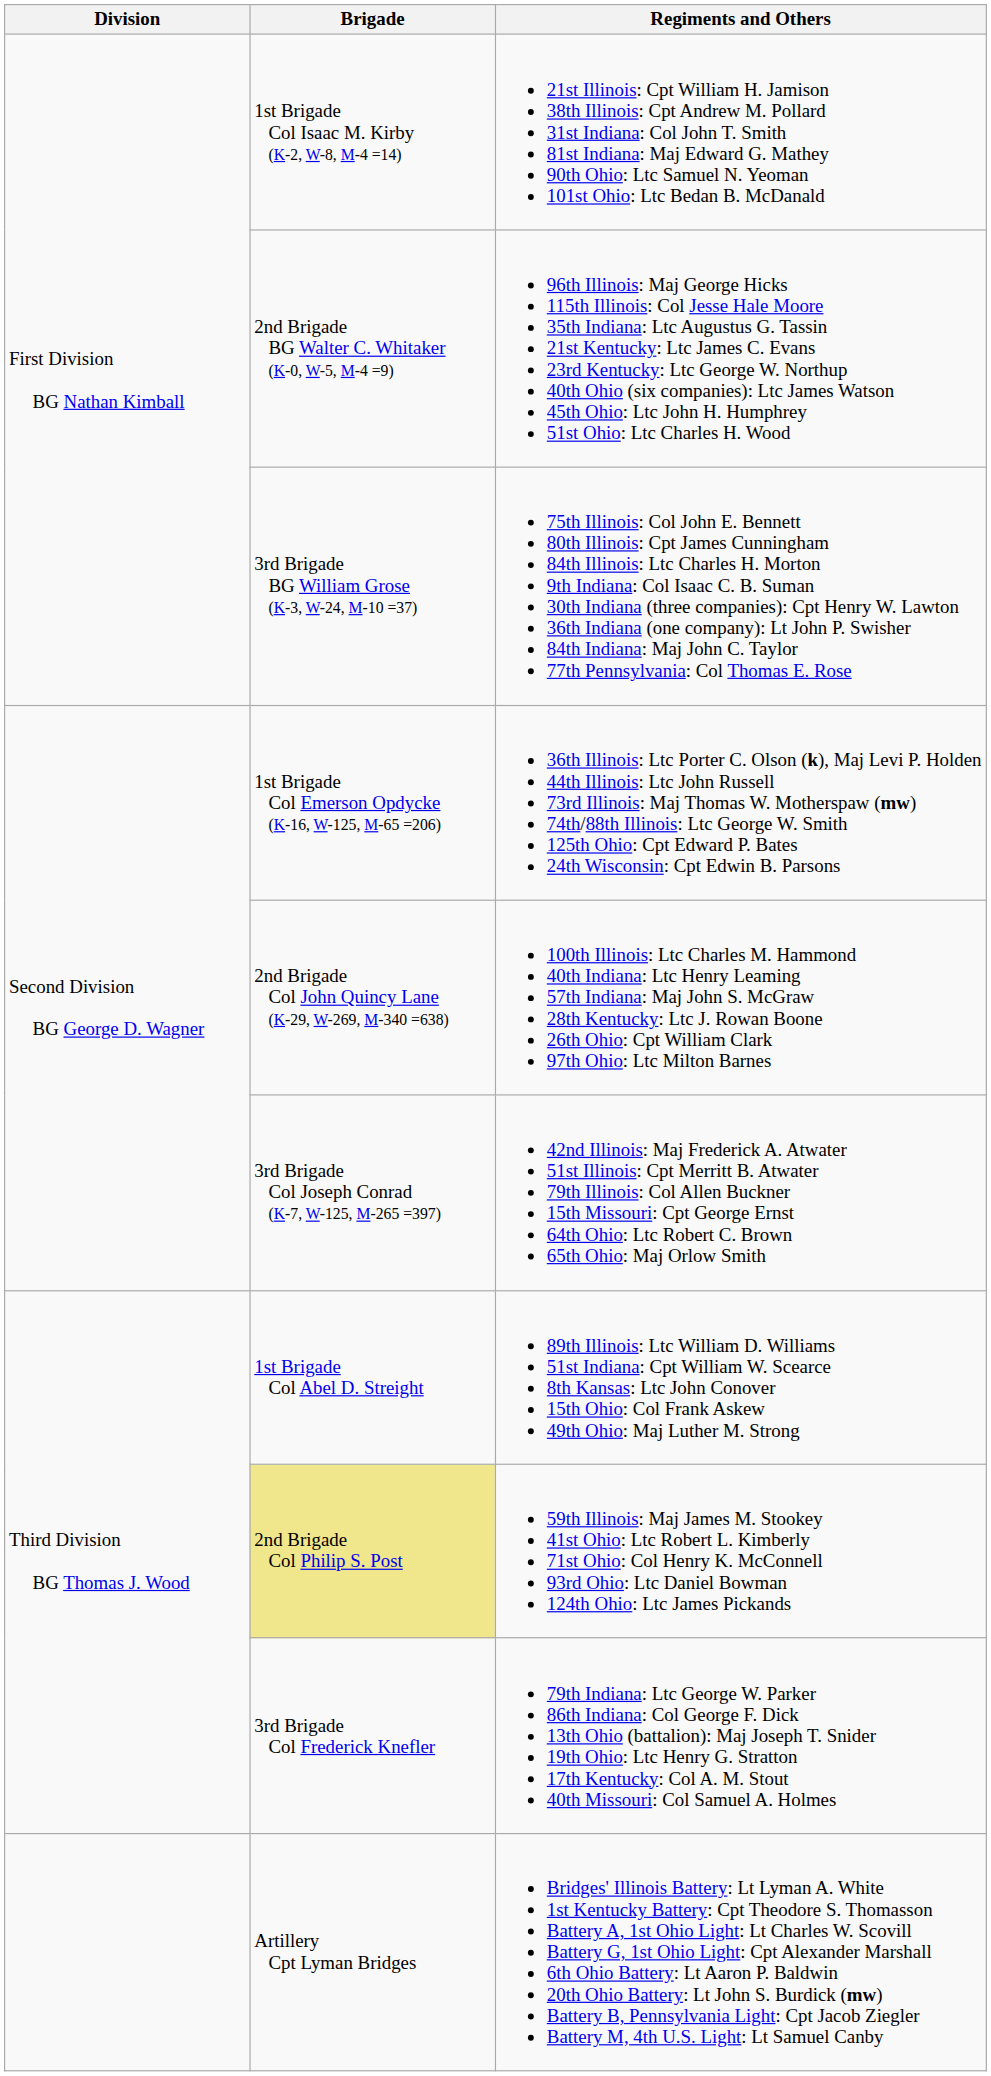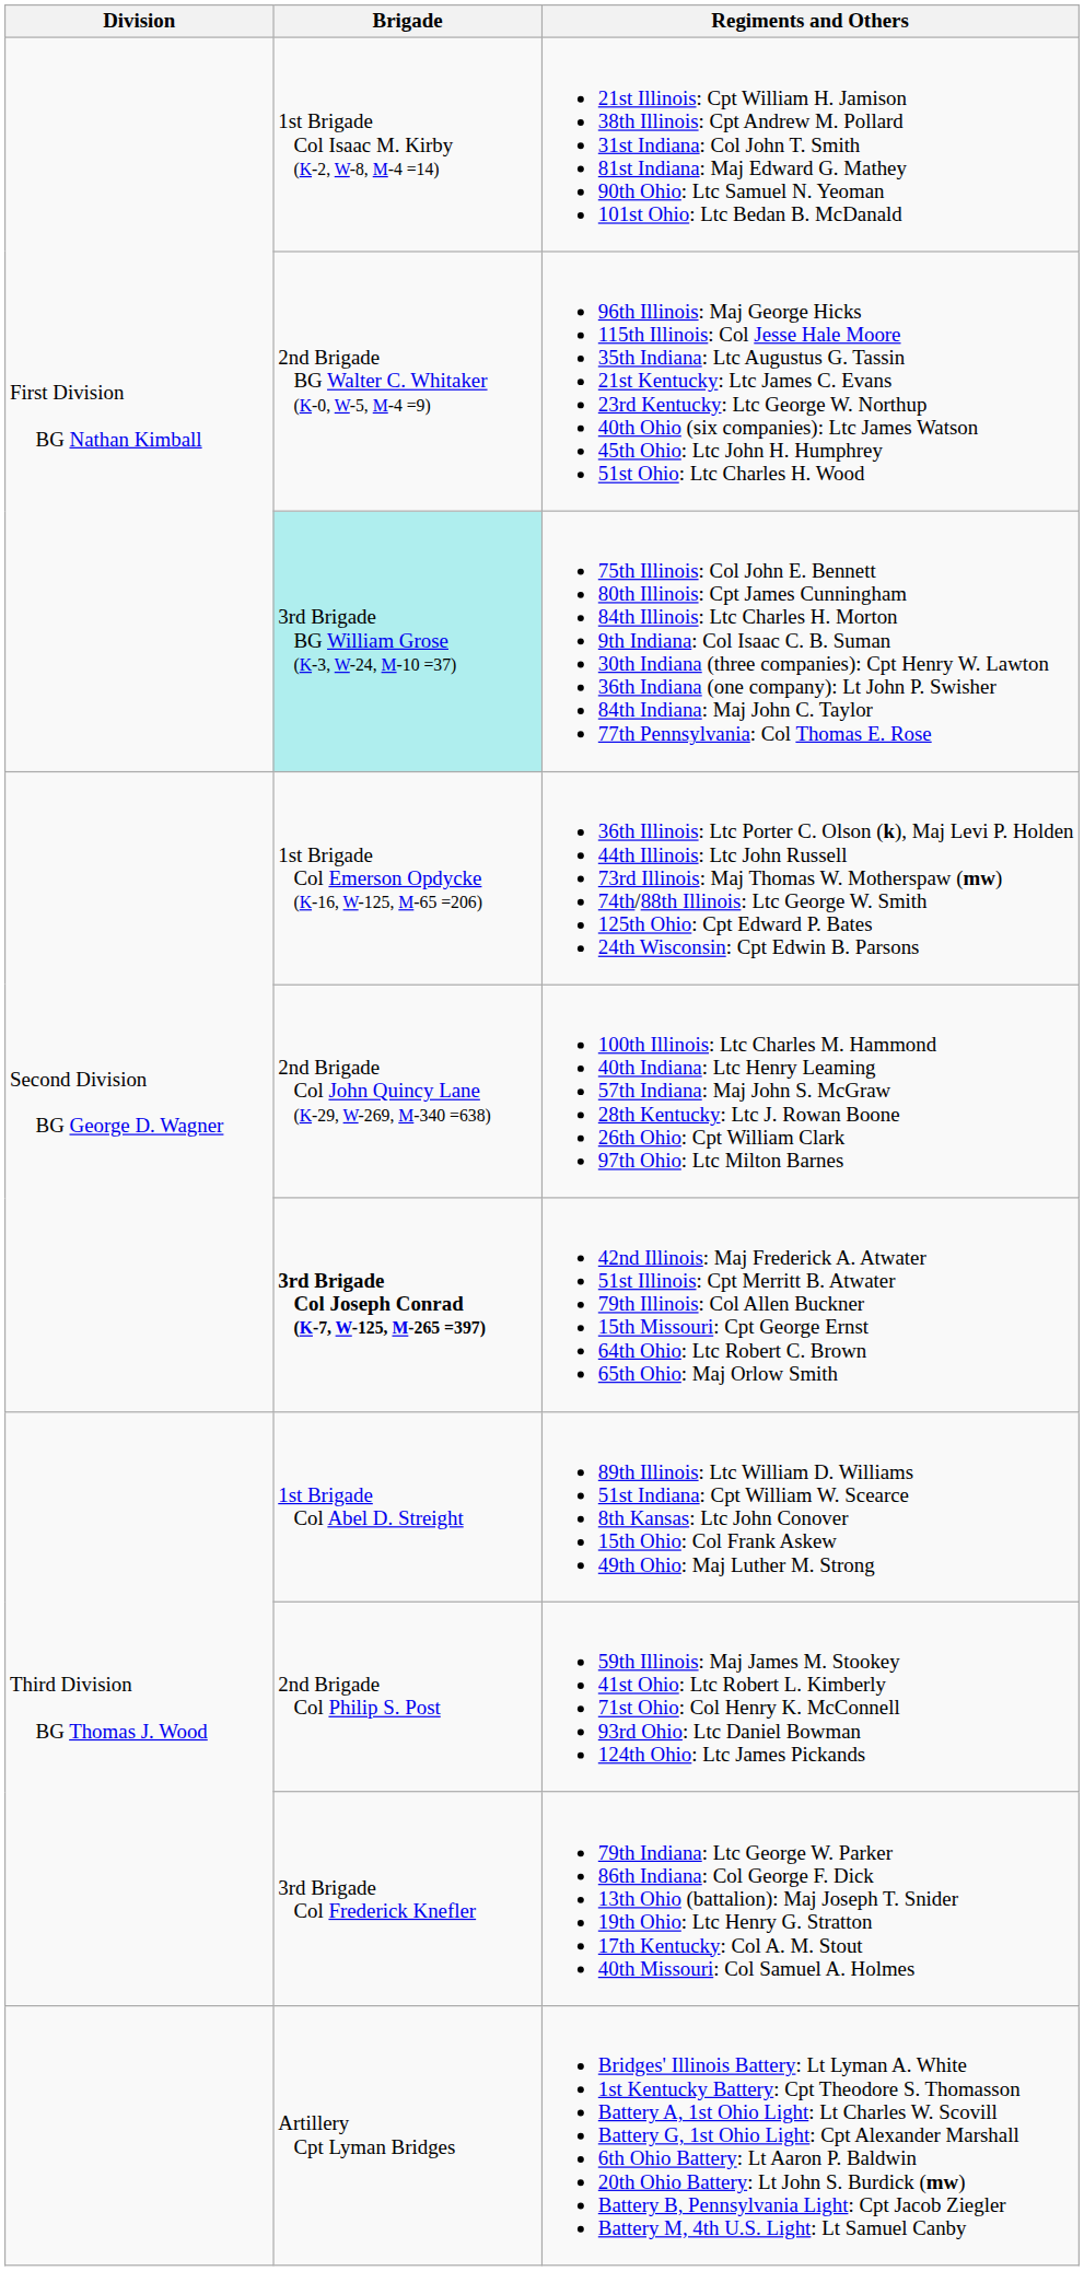 <table class="wikitable">
 <tr>
 <th width=25%>Division</th>
 <th width=25%>Brigade</th>
 <th>Regiments and Others</th>
 </tr>
 <tr>
 <td rowspan=3><br>First Division<br><br>     BG <a href='#'>Nathan Kimball</a></td>
 <td>1st Brigade<br>   Col Isaac M. Kirby<br>   <small>(<a href='#'>K</a>-2, <a href='#'>W</a>-8, <a href='#'>M</a>-4 =14)</small></td>
 <td><br><ul><li><a href='#'>21st Illinois</a>: Cpt William H. Jamison</li><li><a href='#'>38th Illinois</a>: Cpt Andrew M. Pollard</li><li><a href='#'>31st Indiana</a>: Col John T. Smith</li><li><a href='#'>81st Indiana</a>: Maj Edward G. Mathey</li><li><a href='#'>90th Ohio</a>: Ltc Samuel N. Yeoman</li><li><a href='#'>101st Ohio</a>: Ltc Bedan B. McDanald</li></ul></td>
 </tr>
 <tr>
 <td>2nd Brigade<br>   BG <a href='#'>Walter C. Whitaker</a><br>   <small>(<a href='#'>K</a>-0, <a href='#'>W</a>-5, <a href='#'>M</a>-4 =9)</small></td>
 <td><br><ul><li><a href='#'>96th Illinois</a>: Maj George Hicks</li><li><a href='#'>115th Illinois</a>: Col <a href='#'>Jesse Hale Moore</a></li><li><a href='#'>35th Indiana</a>: Ltc Augustus G. Tassin</li><li><a href='#'>21st Kentucky</a>: Ltc James C. Evans</li><li><a href='#'>23rd Kentucky</a>: Ltc George W. Northup</li><li><a href='#'>40th Ohio</a> (six companies): Ltc James Watson</li><li><a href='#'>45th Ohio</a>: Ltc John H. Humphrey</li><li><a href='#'>51st Ohio</a>: Ltc Charles H. Wood</li></ul></td>
 </tr>
 <tr>
-<td>3rd Brigade<br>   BG <a href='#'>William Grose</a><br>   <small>(<a href='#'>K</a>-3, <a href='#'>W</a>-24, <a href='#'>M</a>-10 =37)</small></td>
+<td style="background: paleturquoise;">3rd Brigade<br>   BG <a href='#'>William Grose</a><br>   <small>(<a href='#'>K</a>-3, <a href='#'>W</a>-24, <a href='#'>M</a>-10 =37)</small></td>
 <td><br><ul><li><a href='#'>75th Illinois</a>: Col John E. Bennett</li><li><a href='#'>80th Illinois</a>: Cpt James Cunningham</li><li><a href='#'>84th Illinois</a>: Ltc Charles H. Morton</li><li><a href='#'>9th Indiana</a>: Col Isaac C. B. Suman</li><li><a href='#'>30th Indiana</a> (three companies): Cpt Henry W. Lawton</li><li><a href='#'>36th Indiana</a> (one company): Lt John P. Swisher</li><li><a href='#'>84th Indiana</a>: Maj John C. Taylor</li><li><a href='#'>77th Pennsylvania</a>: Col <a href='#'>Thomas E. Rose</a></li></ul></td>
 </tr>
 <tr>
 <td rowspan=3><br>Second Division<br><br>     BG <a href='#'>George D. Wagner</a></td>
 <td>1st Brigade<br>   Col <a href='#'>Emerson Opdycke</a><br>   <small>(<a href='#'>K</a>-16, <a href='#'>W</a>-125, <a href='#'>M</a>-65 =206)</small></td>
 <td><br><ul><li><a href='#'>36th Illinois</a>: Ltc Porter C. Olson (<strong>k</strong>), Maj Levi P. Holden</li><li><a href='#'>44th Illinois</a>: Ltc John Russell</li><li><a href='#'>73rd Illinois</a>: Maj Thomas W. Motherspaw (<strong>mw</strong>)</li><li><a href='#'>74th</a>/<a href='#'>88th Illinois</a>: Ltc George W. Smith</li><li><a href='#'>125th Ohio</a>: Cpt Edward P. Bates</li><li><a href='#'>24th Wisconsin</a>: Cpt Edwin B. Parsons</li></ul></td>
 </tr>
 <tr>
 <td>2nd Brigade<br>   Col <a href='#'>John Quincy Lane</a><br>   <small>(<a href='#'>K</a>-29, <a href='#'>W</a>-269, <a href='#'>M</a>-340 =638)</small></td>
 <td><br><ul><li><a href='#'>100th Illinois</a>: Ltc Charles M. Hammond</li><li><a href='#'>40th Indiana</a>: Ltc Henry Leaming</li><li><a href='#'>57th Indiana</a>: Maj John S. McGraw</li><li><a href='#'>28th Kentucky</a>: Ltc J. Rowan Boone</li><li><a href='#'>26th Ohio</a>: Cpt William Clark</li><li><a href='#'>97th Ohio</a>: Ltc Milton Barnes</li></ul></td>
 </tr>
 <tr>
-<td>3rd Brigade<br>   Col Joseph Conrad<br>   <small>(<a href='#'>K</a>-7, <a href='#'>W</a>-125, <a href='#'>M</a>-265 =397)</small></td>
+<td><strong>3rd Brigade<br>   Col Joseph Conrad<br>   <small>(<a href='#'>K</a>-7, <a href='#'>W</a>-125, <a href='#'>M</a>-265 =397)</small></strong></td>
 <td><br><ul><li><a href='#'>42nd Illinois</a>: Maj Frederick A. Atwater</li><li><a href='#'>51st Illinois</a>: Cpt Merritt B. Atwater</li><li><a href='#'>79th Illinois</a>: Col Allen Buckner</li><li><a href='#'>15th Missouri</a>: Cpt George Ernst</li><li><a href='#'>64th Ohio</a>: Ltc Robert C. Brown</li><li><a href='#'>65th Ohio</a>: Maj Orlow Smith</li></ul></td>
 </tr>
 <tr>
 <td rowspan=3><br>Third Division<br><br>     BG <a href='#'>Thomas J. Wood</a><br>     </td>
 <td><a href='#'>1st Brigade</a><br>   Col <a href='#'>Abel D. Streight</a></td>
 <td><br><ul><li><a href='#'>89th Illinois</a>: Ltc William D. Williams</li><li><a href='#'>51st Indiana</a>: Cpt William W. Scearce</li><li><a href='#'>8th Kansas</a>: Ltc John Conover</li><li><a href='#'>15th Ohio</a>: Col Frank Askew</li><li><a href='#'>49th Ohio</a>: Maj Luther M. Strong</li></ul></td>
 </tr>
 <tr>
-<td style="background: khaki;">2nd Brigade<br>   Col <a href='#'>Philip S. Post</a></td>
+<td>2nd Brigade<br>   Col <a href='#'>Philip S. Post</a></td>
 <td><br><ul><li><a href='#'>59th Illinois</a>: Maj James M. Stookey</li><li><a href='#'>41st Ohio</a>: Ltc Robert L. Kimberly</li><li><a href='#'>71st Ohio</a>: Col Henry K. McConnell</li><li><a href='#'>93rd Ohio</a>: Ltc Daniel Bowman</li><li><a href='#'>124th Ohio</a>: Ltc James Pickands</li></ul></td>
 </tr>
 <tr>
 <td>3rd Brigade<br>   Col <a href='#'>Frederick Knefler</a></td>
 <td><br><ul><li><a href='#'>79th Indiana</a>: Ltc George W. Parker</li><li><a href='#'>86th Indiana</a>: Col George F. Dick</li><li><a href='#'>13th Ohio</a> (battalion): Maj Joseph T. Snider</li><li><a href='#'>19th Ohio</a>: Ltc Henry G. Stratton</li><li><a href='#'>17th Kentucky</a>: Col A. M. Stout </li><li><a href='#'>40th Missouri</a>: Col Samuel A. Holmes</li></ul></td>
 </tr>
 <tr>
 <td></td>
 <td>Artillery<br>   Cpt Lyman Bridges</td>
 <td><br><ul><li><a href='#'>Bridges' Illinois Battery</a>: Lt Lyman A. White</li><li><a href='#'>1st Kentucky Battery</a>: Cpt Theodore S. Thomasson</li><li><a href='#'>Battery A, 1st Ohio Light</a>: Lt Charles W. Scovill</li><li><a href='#'>Battery G, 1st Ohio Light</a>: Cpt Alexander Marshall</li><li><a href='#'>6th Ohio Battery</a>: Lt Aaron P. Baldwin</li><li><a href='#'>20th Ohio Battery</a>: Lt John S. Burdick (<strong>mw</strong>)</li><li><a href='#'>Battery B, Pennsylvania Light</a>: Cpt Jacob Ziegler</li><li><a href='#'>Battery M, 4th U.S. Light</a>: Lt Samuel Canby</li></ul></td>
 </tr>
 </table>
